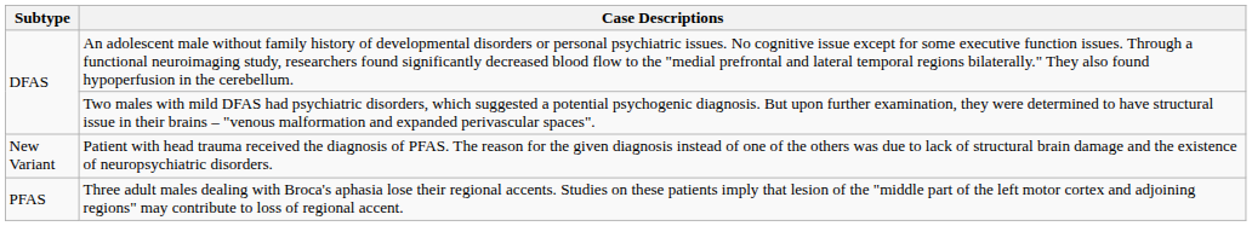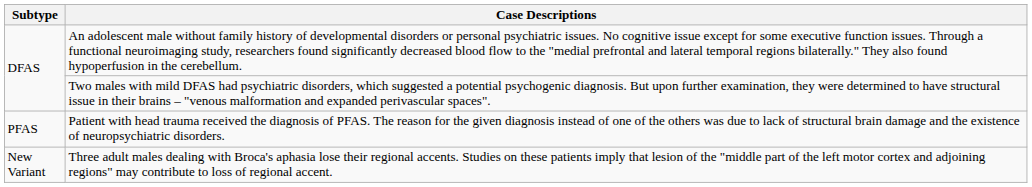 <table class="wikitable">
 <tr>
 <th>Subtype</th>
 <th>Case Descriptions</th>
 </tr>
 <tr>
 <td rowspan="2">DFAS</td>
 <td>An adolescent male without family history of developmental disorders or personal psychiatric issues. No cognitive issue except for some executive function issues. Through a functional neuroimaging study, researchers found significantly decreased blood flow to the "medial prefrontal and lateral temporal regions bilaterally." They also found hypoperfusion in the cerebellum.</td>
 </tr>
 <tr>
 <td>Two males with mild DFAS had psychiatric disorders, which suggested a potential psychogenic diagnosis. But upon further examination, they were determined to have structural issue in their brains – "venous malformation and expanded perivascular spaces".</td>
 </tr>
 <tr>
-<td>New Variant</td>
+<td>PFAS</td>
 <td>Patient with head trauma received the diagnosis of PFAS. The reason for the given diagnosis instead of one of the others was due to lack of structural brain damage and the existence of neuropsychiatric disorders.</td>
 </tr>
 <tr>
-<td>PFAS</td>
+<td>New Variant</td>
 <td>Three adult males dealing with Broca's aphasia lose their regional accents. Studies on these patients imply that lesion of the "middle part of the left motor cortex and adjoining regions" may contribute to loss of regional accent.</td>
 </tr>
 </table>
